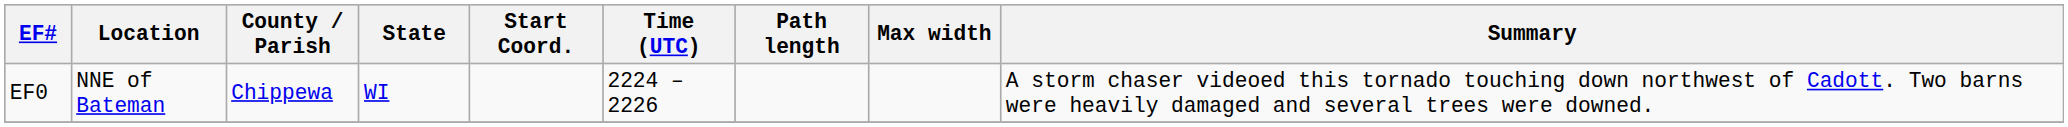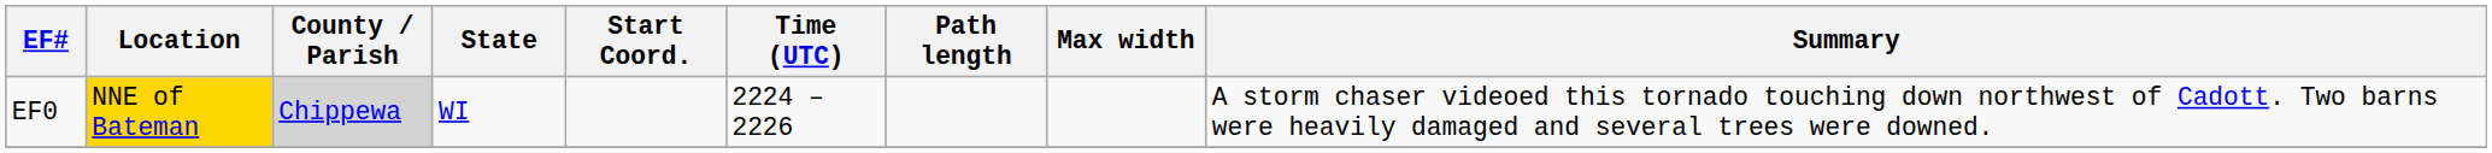 <table class="wikitable sortable" style="width:100%;">
 <tr>
 <th scope="col" width="3%" align="center"><a href='#'>EF#</a></th>
 <th scope="col" width="7%" align="center" class="unsortable">Location</th>
 <th scope="col" width="6%" align="center" class="unsortable">County / Parish</th>
 <th scope="col" width="5%" align="center">State</th>
 <th scope="col" width="6%" align="center">Start Coord.</th>
 <th scope="col" width="6%" align="center">Time (<a href='#'>UTC</a>)</th>
 <th scope="col" width="6%" align="center">Path length</th>
 <th scope="col" width="6%" align="center">Max width</th>
 <th scope="col" width="48%" class="unsortable" align="center">Summary</th>
 </tr>
 <tr>
 <td>EF0</td>
-<td>NNE of <a href='#'>Bateman</a></td>
-<td><a href='#'>Chippewa</a></td>
+<td style="background: gold;">NNE of <a href='#'>Bateman</a></td>
+<td style="background: lightgrey;"><a href='#'>Chippewa</a></td>
 <td><a href='#'>WI</a></td>
 <td></td>
 <td>2224 – 2226</td>
 <td></td>
 <td></td>
 <td>A storm chaser videoed this tornado touching down northwest of <a href='#'>Cadott</a>. Two barns were heavily damaged and several trees were downed.</td>
 </tr>
 <tr>
 </tr>
 </table>
